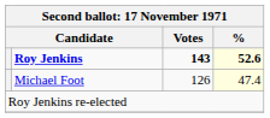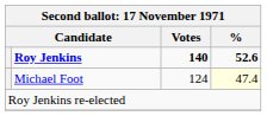 <table class="wikitable" style="font-size:95%;">
 <tr>
 <th colspan="4">Second ballot: 17 November 1971</th>
 </tr>
 <tr>
 <th colspan="2" style="width: 170px">Candidate</th>
 <th style="width: 52px">Votes</th>
 <th style="width: 52px">%</th>
 </tr>
 <tr>
 <th style="background-color: "></th>
 <td style="width: 170px"><strong><a href='#'>Roy Jenkins</a></strong></td>
-<td align="right"><strong>143</strong></td>
-<td align="right" style="background: lightyellow;"><strong>52.6</strong></td>
+<td align="right"><strong>140</strong></td>
+<td align="right"><strong>52.6</strong></td>
 </tr>
 <tr>
 <th style="background-color: "></th>
 <td style="width: 170px"><a href='#'>Michael Foot</a></td>
-<td align="right">126</td>
+<td align="right">124</td>
 <td align="right" style="background: lightyellow;">47.4</td>
 </tr>
 <tr>
 <td colspan="4">Roy Jenkins re-elected</td>
 </tr>
 <tr>
 </tr>
 </table>
